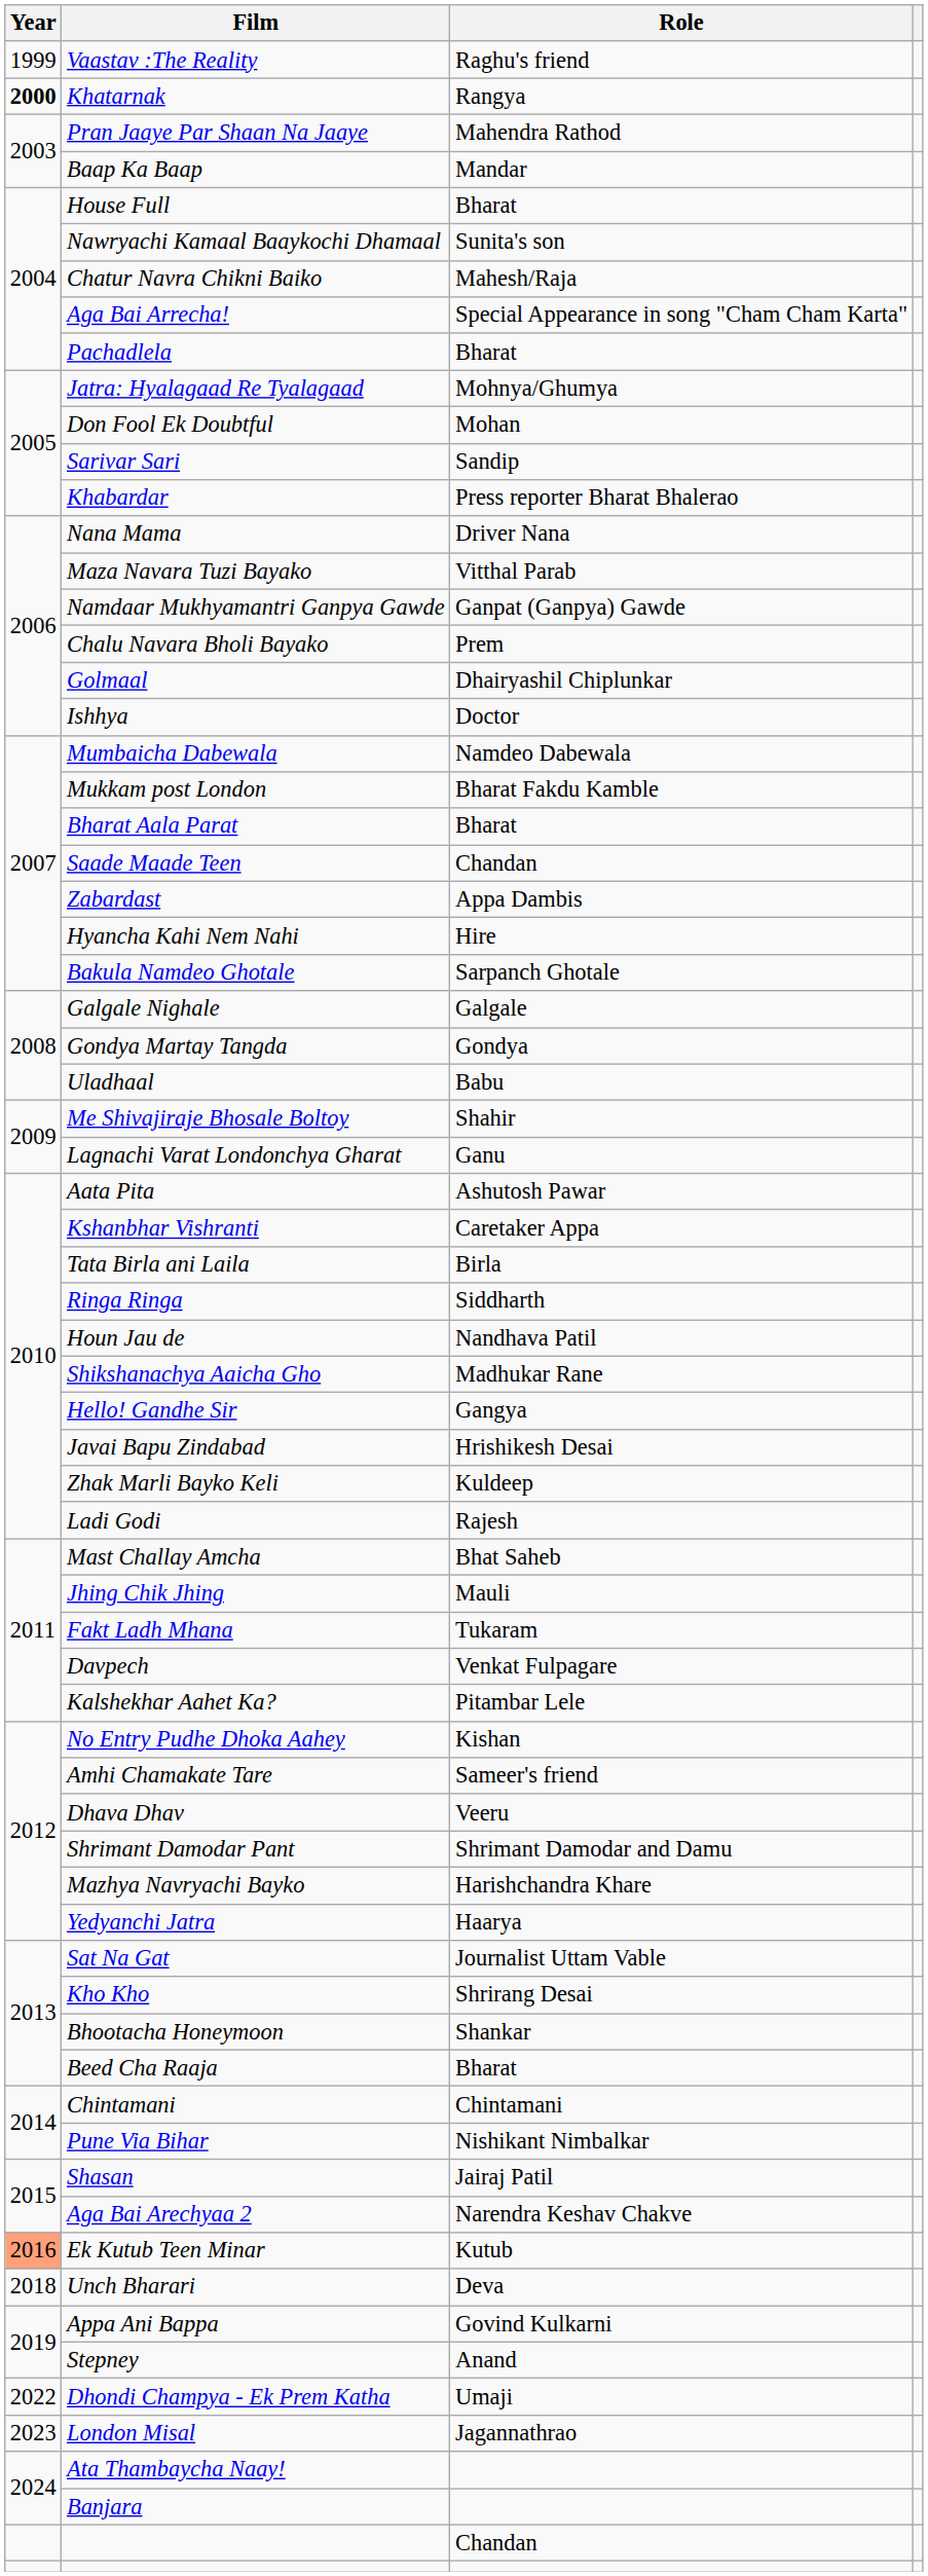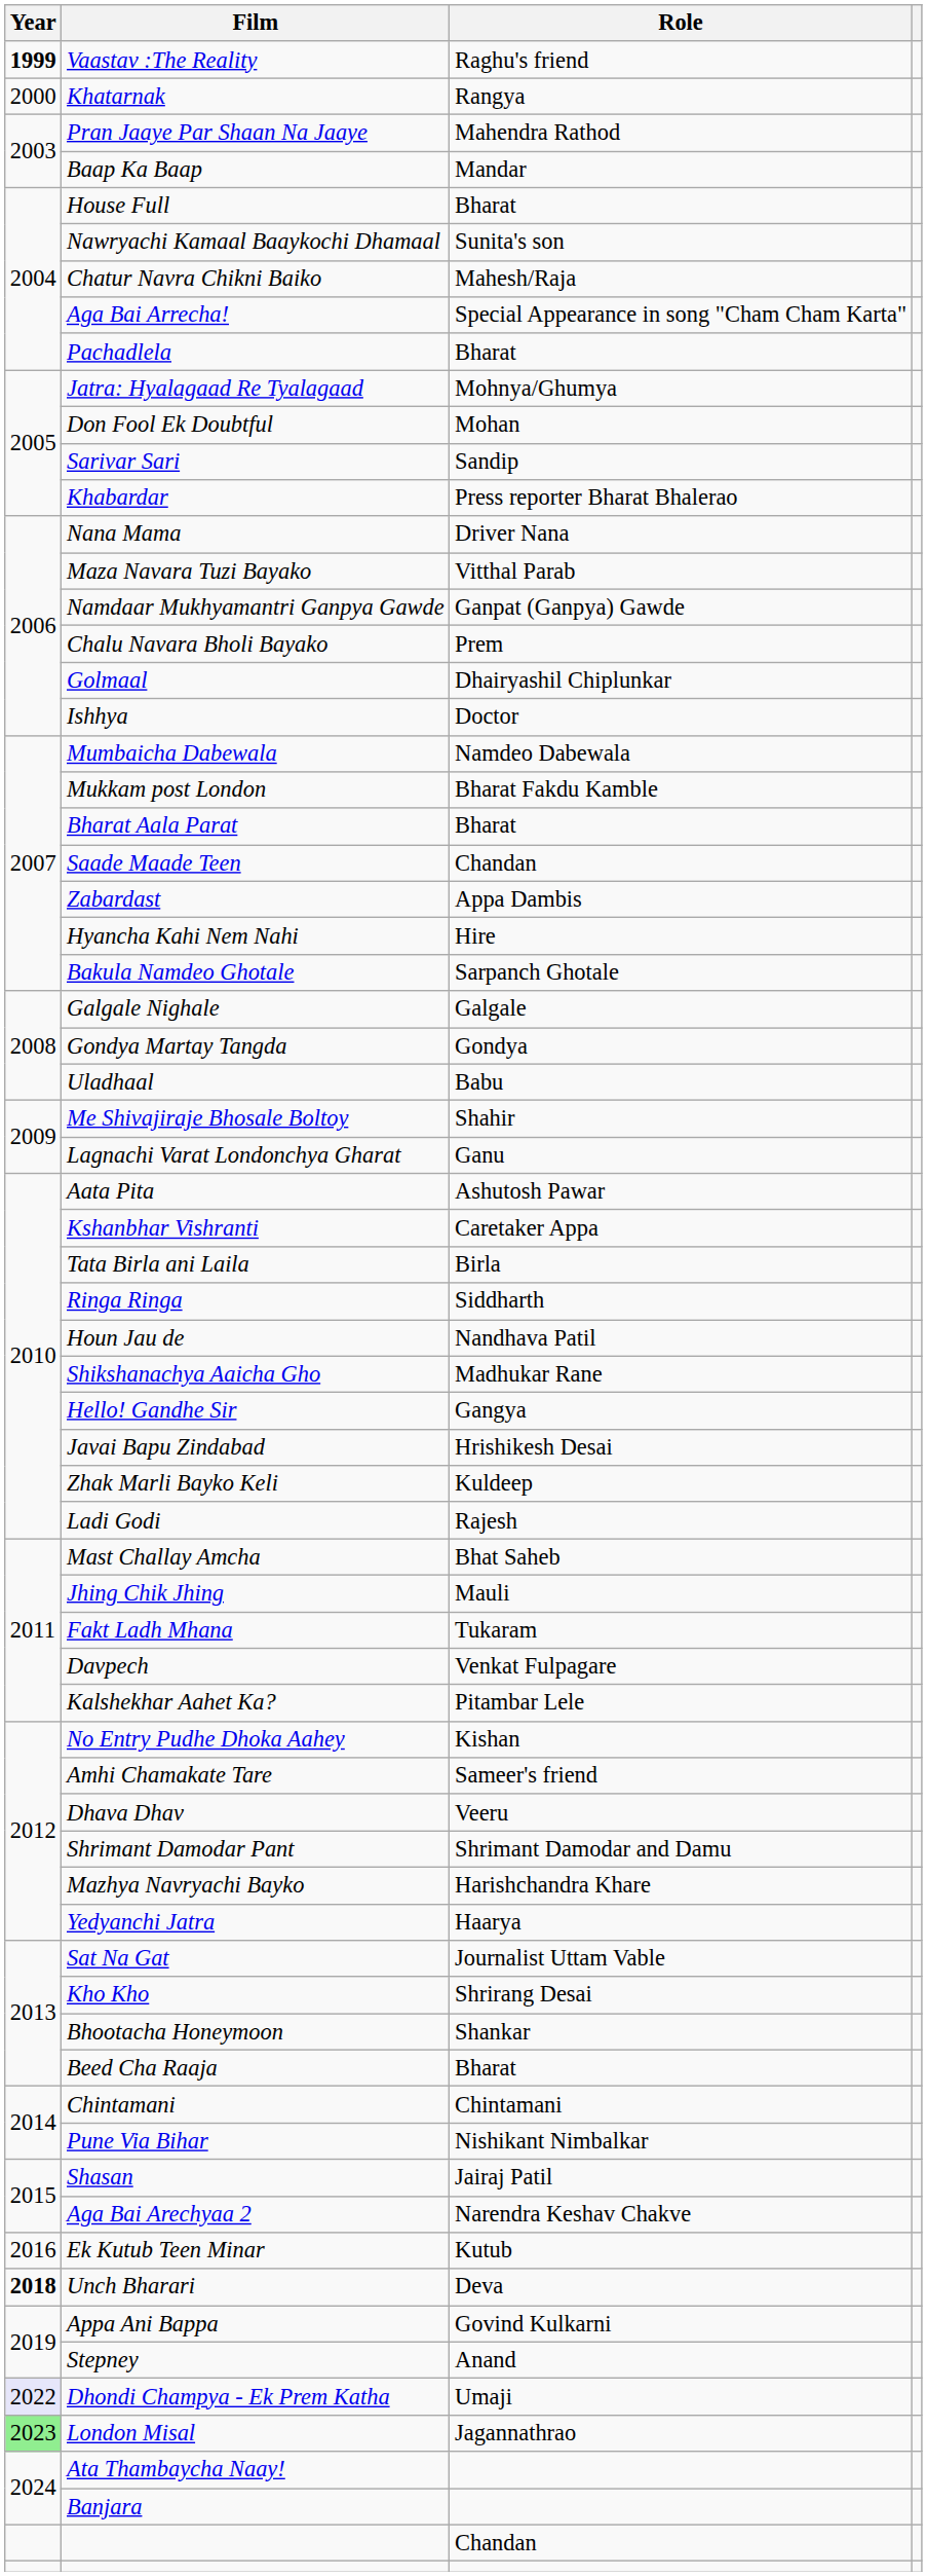 <table class="wikitable sortable">
 <tr>
 <th>Year</th>
 <th>Film</th>
 <th>Role</th>
 <th class="unsortable"></th>
 </tr>
 <tr>
-<td>1999</td>
+<td><strong>1999</strong></td>
 <td><em><a href='#'>Vaastav :The Reality</a></em></td>
 <td>Raghu's friend</td>
 <td></td>
 </tr>
 <tr>
-<td><strong>2000</strong></td>
+<td>2000</td>
 <td><em><a href='#'>Khatarnak</a></em></td>
 <td>Rangya</td>
 <td></td>
 </tr>
 <tr>
 <td rowspan="2">2003</td>
 <td><em><a href='#'>Pran Jaaye Par Shaan Na Jaaye</a></em></td>
 <td>Mahendra Rathod</td>
 <td></td>
 </tr>
 <tr>
 <td><em>Baap Ka Baap</em></td>
 <td>Mandar</td>
 <td></td>
 </tr>
 <tr>
 <td rowspan="5">2004</td>
 <td><em>House Full</em></td>
 <td>Bharat</td>
 <td></td>
 </tr>
 <tr>
 <td><em>Nawryachi Kamaal Baaykochi Dhamaal</em></td>
 <td>Sunita's son</td>
 <td></td>
 </tr>
 <tr>
 <td><em>Chatur Navra Chikni Baiko</em></td>
 <td>Mahesh/Raja</td>
 <td></td>
 </tr>
 <tr>
 <td><em><a href='#'>Aga Bai Arrecha!</a></em></td>
 <td>Special Appearance in song "Cham Cham Karta"</td>
 <td></td>
 </tr>
 <tr>
 <td><em><a href='#'>Pachadlela</a></em></td>
 <td>Bharat</td>
 <td></td>
 </tr>
 <tr>
 <td rowspan="4">2005</td>
 <td><em><a href='#'>Jatra: Hyalagaad Re Tyalagaad</a></em></td>
 <td>Mohnya/Ghumya</td>
 <td></td>
 </tr>
 <tr>
 <td><em>Don Fool Ek Doubtful</em></td>
 <td>Mohan</td>
 <td></td>
 </tr>
 <tr>
 <td><em><a href='#'>Sarivar Sari</a></em></td>
 <td>Sandip</td>
 <td></td>
 </tr>
 <tr>
 <td><em><a href='#'>Khabardar</a></em></td>
 <td>Press reporter Bharat Bhalerao</td>
 <td></td>
 </tr>
 <tr>
 <td rowspan="6">2006</td>
 <td><em>Nana Mama</em></td>
 <td>Driver Nana</td>
 <td></td>
 </tr>
 <tr>
 <td><em>Maza Navara Tuzi Bayako</em></td>
 <td>Vitthal Parab</td>
 <td></td>
 </tr>
 <tr>
 <td><em>Namdaar Mukhyamantri Ganpya Gawde</em></td>
 <td>Ganpat (Ganpya) Gawde</td>
 <td></td>
 </tr>
 <tr>
 <td><em>Chalu Navara Bholi Bayako</em></td>
 <td>Prem</td>
 <td></td>
 </tr>
 <tr>
 <td><em><a href='#'>Golmaal</a></em></td>
 <td>Dhairyashil Chiplunkar</td>
 <td></td>
 </tr>
 <tr>
 <td><em>Ishhya</em></td>
 <td>Doctor</td>
 <td></td>
 </tr>
 <tr>
 <td rowspan="7">2007</td>
 <td><em><a href='#'>Mumbaicha Dabewala</a></em></td>
 <td>Namdeo Dabewala</td>
 <td></td>
 </tr>
 <tr>
 <td><em>Mukkam post London</em></td>
 <td>Bharat Fakdu Kamble</td>
 <td></td>
 </tr>
 <tr>
 <td><em><a href='#'>Bharat Aala Parat</a></em></td>
 <td>Bharat</td>
 <td></td>
 </tr>
 <tr>
 <td><em><a href='#'>Saade Maade Teen</a></em></td>
 <td>Chandan</td>
 <td></td>
 </tr>
 <tr>
 <td><em><a href='#'>Zabardast</a></em></td>
 <td>Appa Dambis</td>
 <td></td>
 </tr>
 <tr>
 <td><em>Hyancha Kahi Nem Nahi</em></td>
 <td>Hire</td>
 <td></td>
 </tr>
 <tr>
 <td><em><a href='#'>Bakula Namdeo Ghotale</a></em></td>
 <td>Sarpanch Ghotale</td>
 </tr>
 <tr>
 <td rowspan="3">2008</td>
 <td><em>Galgale Nighale</em></td>
 <td>Galgale</td>
 <td></td>
 </tr>
 <tr>
 <td><em>Gondya Martay Tangda</em></td>
 <td>Gondya</td>
 <td></td>
 </tr>
 <tr>
 <td><em>Uladhaal</em></td>
 <td>Babu</td>
 <td></td>
 </tr>
 <tr>
 <td rowspan="2">2009</td>
 <td><em><a href='#'>Me Shivajiraje Bhosale Boltoy</a></em></td>
 <td>Shahir</td>
 <td></td>
 </tr>
 <tr>
 <td><em>Lagnachi Varat Londonchya Gharat</em></td>
 <td>Ganu</td>
 <td></td>
 </tr>
 <tr>
 <td rowspan="10">2010</td>
 <td><em>Aata Pita</em></td>
 <td>Ashutosh Pawar</td>
 <td></td>
 </tr>
 <tr>
 <td><em><a href='#'>Kshanbhar Vishranti</a></em></td>
 <td>Caretaker Appa</td>
 <td></td>
 </tr>
 <tr>
 <td><em>Tata Birla ani Laila</em></td>
 <td>Birla</td>
 <td></td>
 </tr>
 <tr>
 <td><em><a href='#'>Ringa Ringa</a></em></td>
 <td>Siddharth</td>
 <td></td>
 </tr>
 <tr>
 <td><em>Houn Jau de</em></td>
 <td>Nandhava Patil</td>
 <td></td>
 </tr>
 <tr>
 <td><em><a href='#'>Shikshanachya Aaicha Gho</a></em></td>
 <td>Madhukar Rane</td>
 <td></td>
 </tr>
 <tr>
 <td><em><a href='#'>Hello! Gandhe Sir</a></em></td>
 <td>Gangya</td>
 <td></td>
 </tr>
 <tr>
 <td><em>Javai Bapu Zindabad</em></td>
 <td>Hrishikesh Desai</td>
 <td></td>
 </tr>
 <tr>
 <td><em>Zhak Marli Bayko Keli</em></td>
 <td>Kuldeep</td>
 <td></td>
 </tr>
 <tr>
 <td><em>Ladi Godi</em></td>
 <td>Rajesh</td>
 <td></td>
 </tr>
 <tr>
 <td rowspan="5">2011</td>
 <td><em>Mast Challay Amcha</em></td>
 <td>Bhat Saheb</td>
 <td></td>
 </tr>
 <tr>
 <td><em><a href='#'>Jhing Chik Jhing</a></em></td>
 <td>Mauli</td>
 <td></td>
 </tr>
 <tr>
 <td><em><a href='#'>Fakt Ladh Mhana</a></em></td>
 <td>Tukaram</td>
 <td></td>
 </tr>
 <tr>
 <td><em>Davpech</em></td>
 <td>Venkat Fulpagare</td>
 <td></td>
 </tr>
 <tr>
 <td><em>Kalshekhar Aahet Ka?</em></td>
 <td>Pitambar Lele</td>
 <td></td>
 </tr>
 <tr>
 <td rowspan="6">2012</td>
 <td><em><a href='#'>No Entry Pudhe Dhoka Aahey</a></em></td>
 <td>Kishan</td>
 <td></td>
 </tr>
 <tr>
 <td><em>Amhi Chamakate Tare</em></td>
 <td>Sameer's friend</td>
 <td></td>
 </tr>
 <tr>
 <td><em>Dhava Dhav</em></td>
 <td>Veeru</td>
 <td></td>
 </tr>
 <tr>
 <td><em>Shrimant Damodar Pant</em></td>
 <td>Shrimant Damodar and Damu</td>
 <td></td>
 </tr>
 <tr>
 <td><em>Mazhya Navryachi Bayko</em></td>
 <td>Harishchandra Khare</td>
 <td></td>
 </tr>
 <tr>
 <td><em><a href='#'>Yedyanchi Jatra</a></em></td>
 <td>Haarya</td>
 <td></td>
 </tr>
 <tr>
 <td rowspan="4">2013</td>
 <td><em><a href='#'>Sat Na Gat</a></em></td>
 <td>Journalist Uttam Vable</td>
 <td></td>
 </tr>
 <tr>
 <td><em><a href='#'>Kho Kho</a></em></td>
 <td>Shrirang Desai</td>
 <td></td>
 </tr>
 <tr>
 <td><em>Bhootacha Honeymoon</em></td>
 <td>Shankar</td>
 <td></td>
 </tr>
 <tr>
 <td><em>Beed Cha Raaja</em></td>
 <td>Bharat</td>
 <td></td>
 </tr>
 <tr>
 <td rowspan="2">2014</td>
 <td><em>Chintamani</em></td>
 <td>Chintamani</td>
 <td></td>
 </tr>
 <tr>
 <td><em><a href='#'>Pune Via Bihar</a></em></td>
 <td>Nishikant Nimbalkar</td>
 <td></td>
 </tr>
 <tr>
 <td rowspan="2">2015</td>
 <td><em><a href='#'>Shasan</a></em></td>
 <td>Jairaj Patil</td>
 <td></td>
 </tr>
 <tr>
 <td><em><a href='#'>Aga Bai Arechyaa 2</a></em></td>
 <td>Narendra Keshav Chakve</td>
 <td></td>
 </tr>
 <tr>
-<td style="background: lightsalmon;">2016</td>
+<td>2016</td>
 <td><em>Ek Kutub Teen Minar</em></td>
 <td>Kutub</td>
 <td></td>
 </tr>
 <tr>
-<td>2018</td>
+<td><strong>2018</strong></td>
 <td><em>Unch Bharari</em></td>
 <td>Deva</td>
 <td></td>
 </tr>
 <tr>
 <td Rowspan="2">2019</td>
 <td><em>Appa Ani Bappa</em></td>
 <td>Govind Kulkarni</td>
 <td></td>
 </tr>
 <tr>
 <td><em>Stepney</em></td>
 <td>Anand</td>
 <td></td>
 </tr>
 <tr>
-<td>2022</td>
+<td style="background: lavender;">2022</td>
 <td><em><a href='#'>Dhondi Champya - Ek Prem Katha</a></em></td>
 <td>Umaji</td>
 <td></td>
 </tr>
 <tr>
-<td>2023</td>
+<td style="background: lightgreen;">2023</td>
 <td><em><a href='#'>London Misal</a></em></td>
 <td>Jagannathrao</td>
 <td></td>
 </tr>
 <tr>
 <td rowspan="2">2024</td>
 <td><a href='#'><em>Ata Thambaycha Naay!</em></a></td>
 <td></td>
 <td></td>
 </tr>
 <tr>
 <td><em><a href='#'>Banjara</a></em></td>
 <td></td>
 <td></td>
 </tr>
 <tr>
 <td></td>
 <td></td>
 <td>Chandan</td>
 <td></td>
 </tr>
 <tr>
 <td></td>
 <td></td>
 <td></td>
 <td></td>
 </tr>
 </table>
